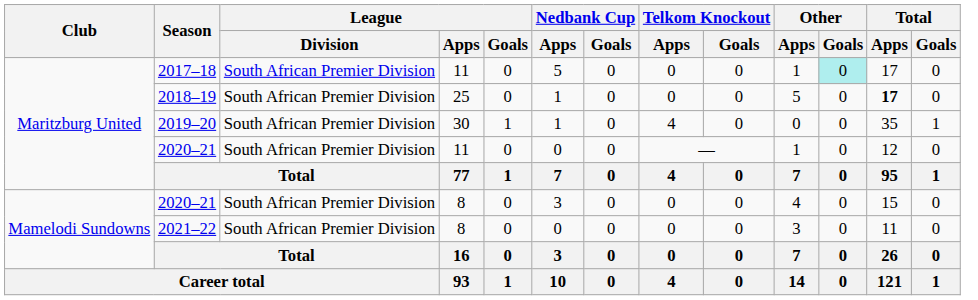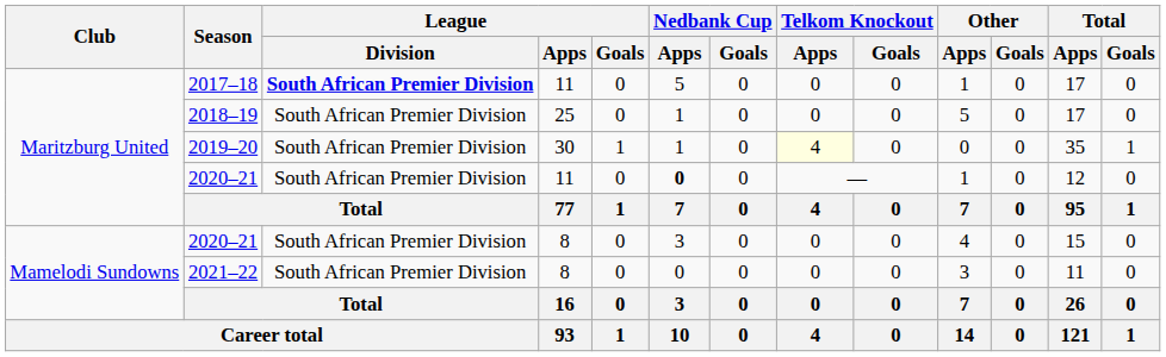 <table class="wikitable" style="text-align: center">
 <tr>
 <th rowspan="2">Club</th>
 <th rowspan="2">Season</th>
 <th colspan="3">League</th>
 <th colspan="2"><a href='#'>Nedbank Cup</a></th>
 <th colspan="2"><a href='#'>Telkom Knockout</a></th>
 <th colspan="2">Other</th>
 <th colspan="2">Total</th>
 </tr>
 <tr>
 <th>Division</th>
 <th>Apps</th>
 <th>Goals</th>
 <th>Apps</th>
 <th>Goals</th>
 <th>Apps</th>
 <th>Goals</th>
 <th>Apps</th>
 <th>Goals</th>
 <th>Apps</th>
 <th>Goals</th>
 </tr>
 <tr>
 <td rowspan="5"><a href='#'>Maritzburg United</a></td>
 <td><a href='#'>2017–18</a></td>
-<td><a href='#'>South African Premier Division</a></td>
+<td><strong><a href='#'>South African Premier Division</a></strong></td>
 <td>11</td>
 <td>0</td>
 <td>5</td>
 <td>0</td>
 <td>0</td>
 <td>0</td>
 <td>1</td>
-<td style="background: paleturquoise;">0</td>
+<td>0</td>
 <td>17</td>
 <td>0</td>
 </tr>
 <tr>
 <td><a href='#'>2018–19</a></td>
 <td>South African Premier Division</td>
 <td>25</td>
 <td>0</td>
 <td>1</td>
 <td>0</td>
 <td>0</td>
 <td>0</td>
 <td>5</td>
 <td>0</td>
-<td><strong>17</strong></td>
+<td>17</td>
 <td>0</td>
 </tr>
 <tr>
 <td><a href='#'>2019–20</a></td>
 <td>South African Premier Division</td>
 <td>30</td>
 <td>1</td>
 <td>1</td>
 <td>0</td>
-<td>4</td>
+<td style="background: lightyellow;">4</td>
 <td>0</td>
 <td>0</td>
 <td>0</td>
 <td>35</td>
 <td>1</td>
 </tr>
 <tr>
 <td><a href='#'>2020–21</a></td>
 <td>South African Premier Division</td>
 <td>11</td>
 <td>0</td>
-<td>0</td>
+<td><strong>0</strong></td>
 <td>0</td>
 <td colspan="2">—</td>
 <td>1</td>
 <td>0</td>
 <td>12</td>
 <td>0</td>
 </tr>
 <tr>
 <th colspan="2">Total</th>
 <th>77</th>
 <th>1</th>
 <th>7</th>
 <th>0</th>
 <th>4</th>
 <th>0</th>
 <th>7</th>
 <th>0</th>
 <th>95</th>
 <th>1</th>
 </tr>
 <tr>
 <td rowspan="3"><a href='#'>Mamelodi Sundowns</a></td>
 <td><a href='#'>2020–21</a></td>
 <td>South African Premier Division</td>
 <td>8</td>
 <td>0</td>
 <td>3</td>
 <td>0</td>
 <td>0</td>
 <td>0</td>
 <td>4</td>
 <td>0</td>
 <td>15</td>
 <td>0</td>
 </tr>
 <tr>
 <td><a href='#'>2021–22</a></td>
 <td>South African Premier Division</td>
 <td>8</td>
 <td>0</td>
 <td>0</td>
 <td>0</td>
 <td>0</td>
 <td>0</td>
 <td>3</td>
 <td>0</td>
 <td>11</td>
 <td>0</td>
 </tr>
 <tr>
 <th colspan="2">Total</th>
 <th>16</th>
 <th>0</th>
 <th>3</th>
 <th>0</th>
 <th>0</th>
 <th>0</th>
 <th>7</th>
 <th>0</th>
 <th>26</th>
 <th>0</th>
 </tr>
 <tr>
 <th colspan="3">Career total</th>
 <th>93</th>
 <th>1</th>
 <th>10</th>
 <th>0</th>
 <th>4</th>
 <th>0</th>
 <th>14</th>
 <th>0</th>
 <th>121</th>
 <th>1</th>
 </tr>
 </table>
